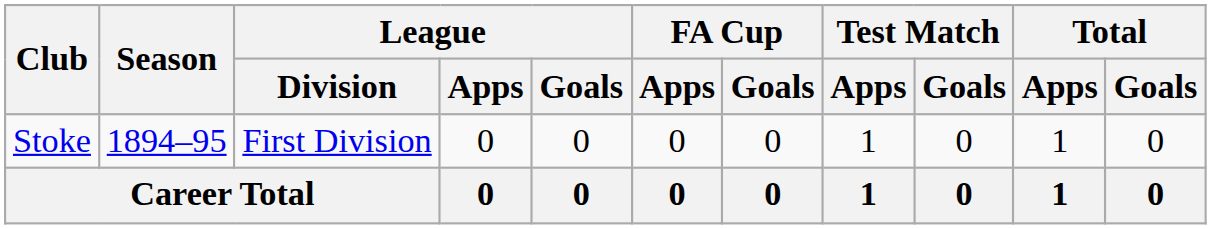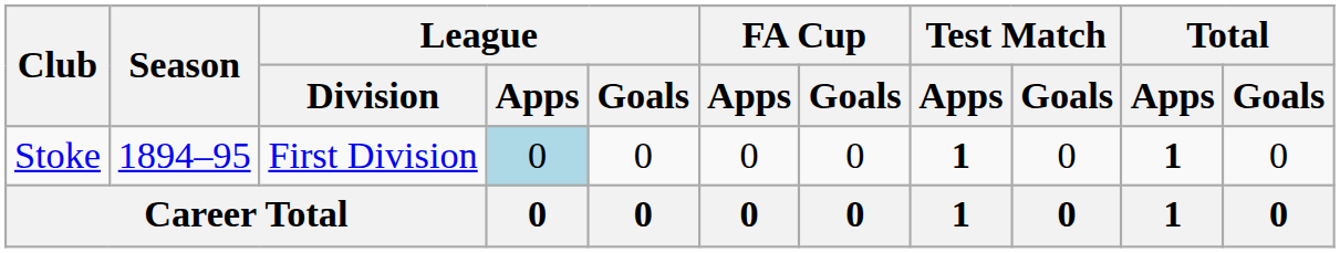 <table class="wikitable" style="text-align: center;">
 <tr>
 <th rowspan="2">Club</th>
 <th rowspan="2">Season</th>
 <th colspan="3">League</th>
 <th colspan="2">FA Cup</th>
 <th colspan="2">Test Match</th>
 <th colspan="2">Total</th>
 </tr>
 <tr>
 <th>Division</th>
 <th>Apps</th>
 <th>Goals</th>
 <th>Apps</th>
 <th>Goals</th>
 <th>Apps</th>
 <th>Goals</th>
 <th>Apps</th>
 <th>Goals</th>
 </tr>
 <tr>
 <td><a href='#'>Stoke</a></td>
 <td><a href='#'>1894–95</a></td>
 <td><a href='#'>First Division</a></td>
+<td style="background: lightblue;">0</td>
 <td>0</td>
 <td>0</td>
 <td>0</td>
+<td><strong>1</strong></td>
 <td>0</td>
-<td>1</td>
-<td>0</td>
-<td>1</td>
+<td><strong>1</strong></td>
 <td>0</td>
 </tr>
 <tr>
 <th colspan="3">Career Total</th>
 <th>0</th>
 <th>0</th>
 <th>0</th>
 <th>0</th>
 <th>1</th>
 <th>0</th>
 <th>1</th>
 <th>0</th>
 </tr>
 </table>
